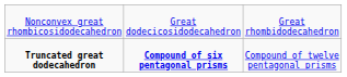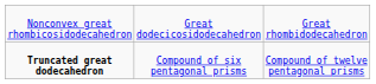 <table class="wikitable" width="400" style="vertical-align:top;text-align:center">
 <tr>
 <td><br><a href='#'>Nonconvex great rhombicosidodecahedron</a></td>
 <td><br><a href='#'>Great dodecicosidodecahedron</a></td>
 <td><br><a href='#'>Great rhombidodecahedron</a></td>
 </tr>
 <tr>
 <td><br><strong>Truncated great dodecahedron</strong></td>
-<td><strong><br><a href='#'>Compound of six pentagonal prisms</a></strong></td>
+<td><br><a href='#'>Compound of six pentagonal prisms</a></td>
 <td><br><a href='#'>Compound of twelve pentagonal prisms</a></td>
 </tr>
 </table>
